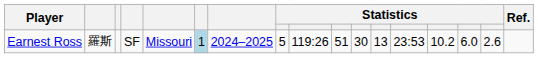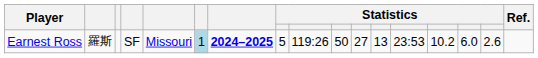 <table class="wikitable sortable" style="font-size:95%; text-align:right;">
 <tr>
 <th rowspan="2">Player</th>
 <th rowspan="2"></th>
 <th rowspan="2"></th>
 <th rowspan="2"></th>
 <th rowspan="2"></th>
 <th rowspan="2"></th>
 <th rowspan="2"></th>
 <th colspan="9">Statistics</th>
 <th rowspan="2">Ref.</th>
 </tr>
 <tr>
 <th></th>
 <th></th>
 <th></th>
 <th></th>
 <th></th>
 <th></th>
 <th></th>
 <th></th>
 <th></th>
 </tr>
 <tr>
 <td align="left"><a href='#'>Earnest Ross</a></td>
 <td align="left">羅斯</td>
 <td align="center"></td>
 <td align="center">SF</td>
 <td align="left"><a href='#'>Missouri</a></td>
 <td align="center" style="background: lightblue;">1</td>
-<td align="center"><a href='#'>2024–2025</a></td>
+<td align="center"><strong><a href='#'>2024–2025</a></strong></td>
 <td>5</td>
 <td>119:26</td>
-<td>51</td>
-<td>30</td>
+<td>50</td>
+<td>27</td>
 <td>13</td>
 <td>23:53</td>
 <td>10.2</td>
 <td>6.0</td>
 <td>2.6</td>
 <td align="center"></td>
 </tr>
 </table>
